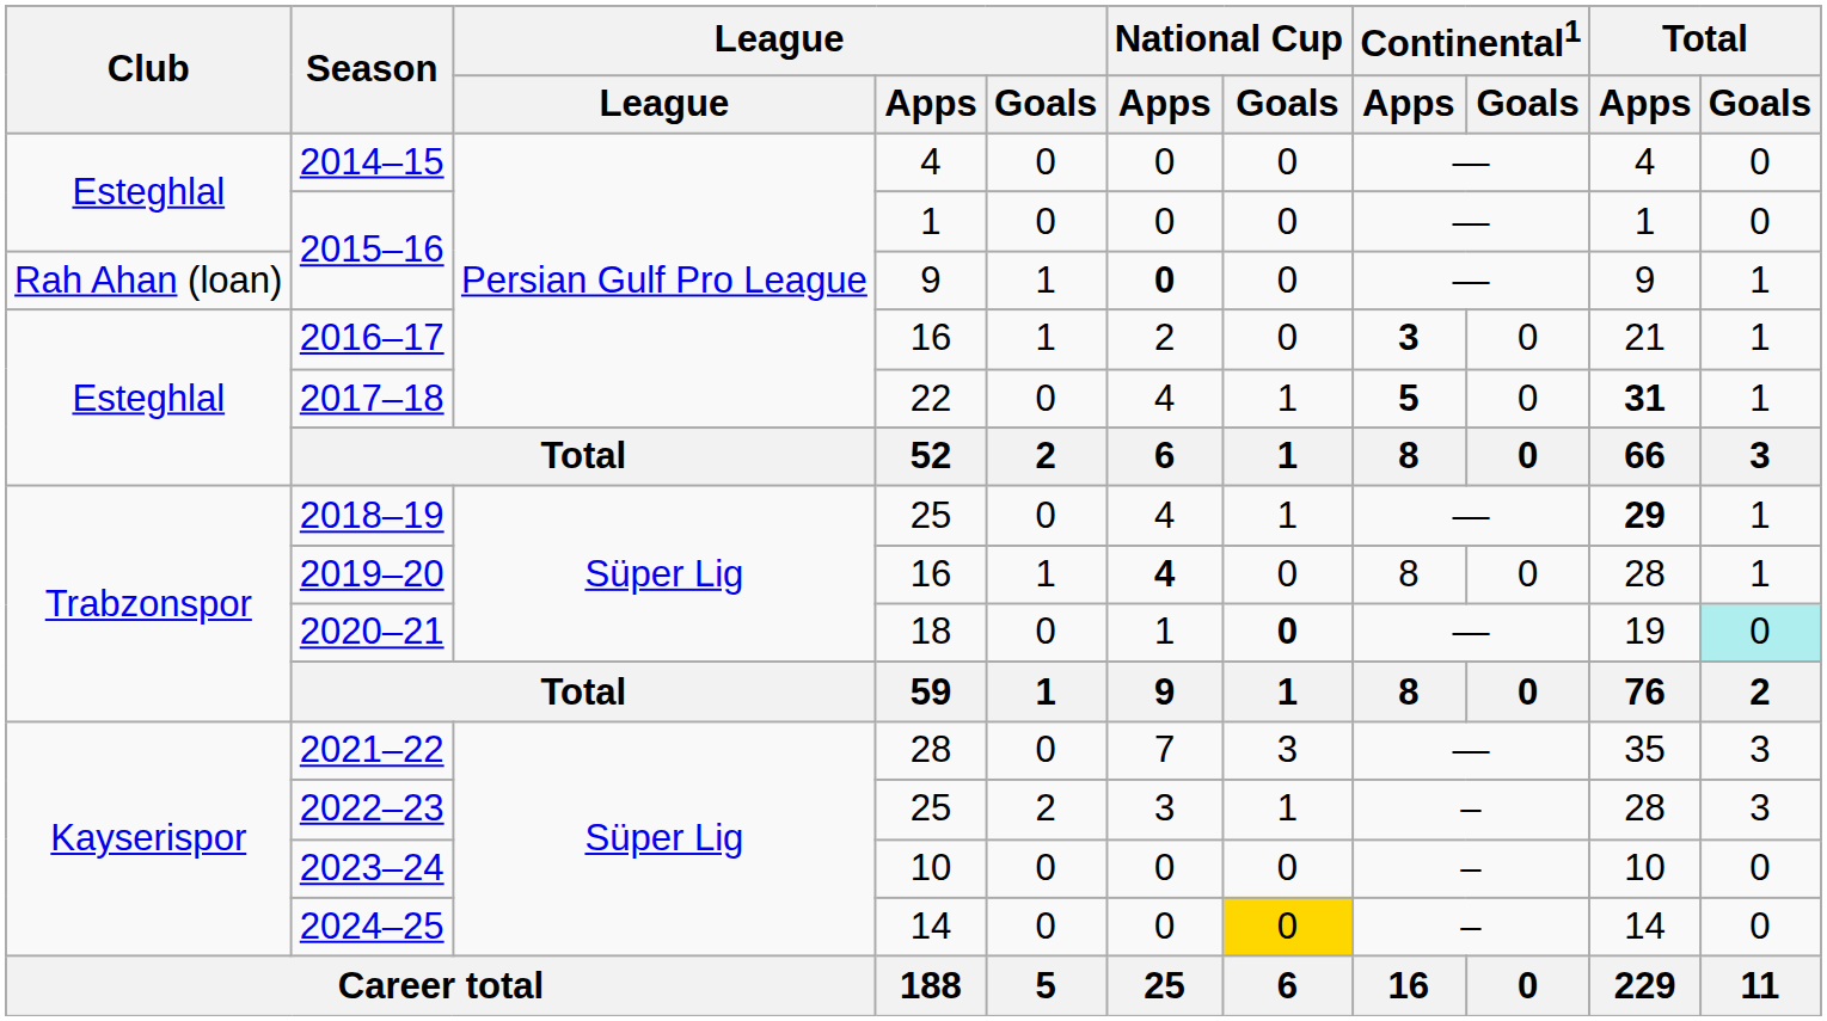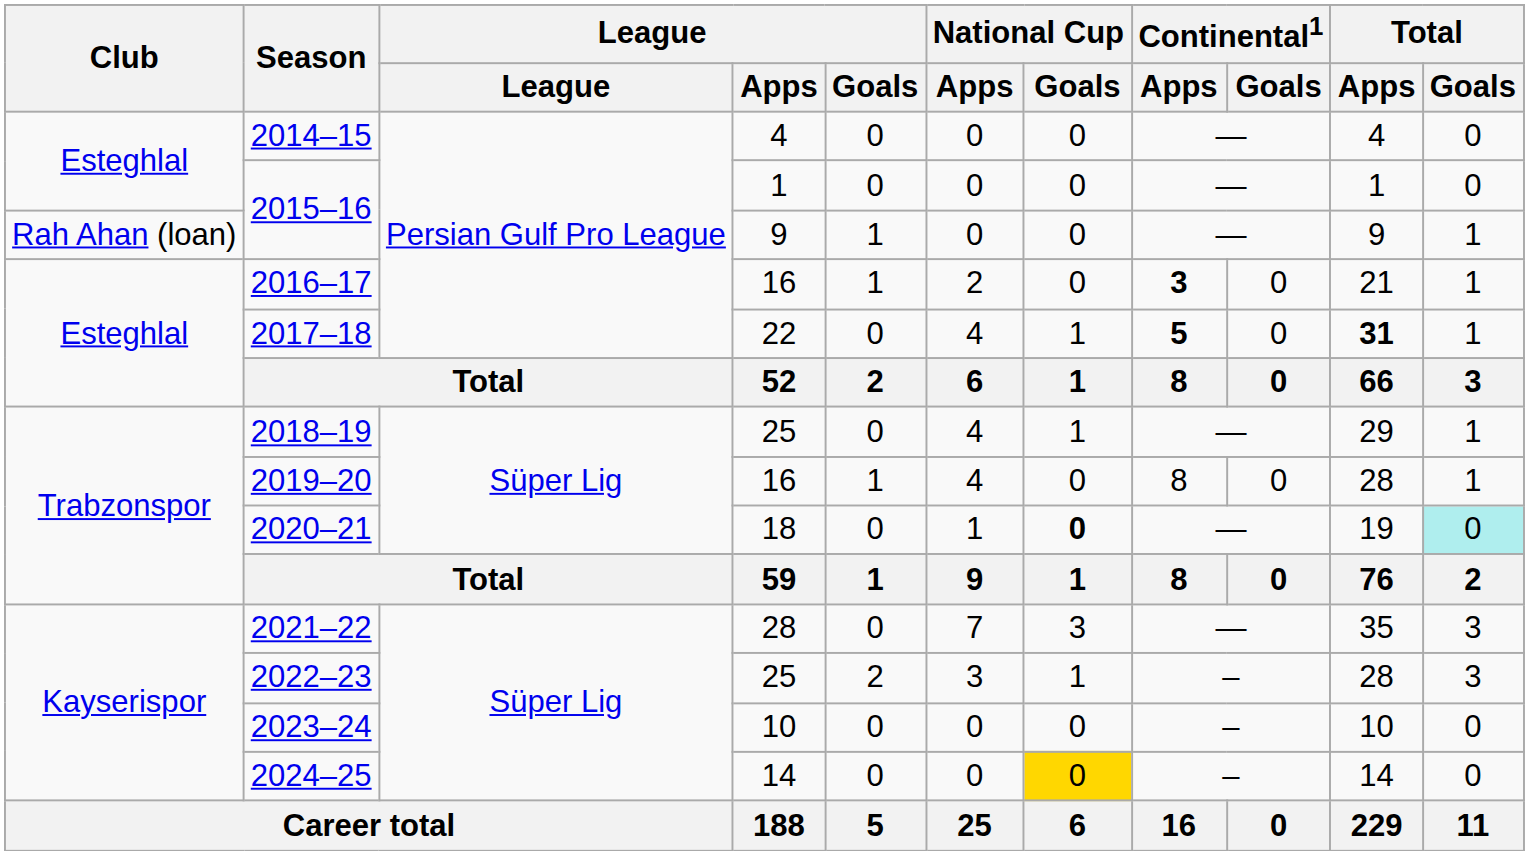 <table class="wikitable" style="text-align: center;">
 <tr>
 <th rowspan=2>Club</th>
 <th rowspan=2>Season</th>
 <th colspan=3>League</th>
 <th colspan="2">National Cup</th>
 <th colspan="2">Continental<sup>1</sup></th>
 <th colspan=2>Total</th>
 </tr>
 <tr>
 <th>League</th>
 <th>Apps</th>
 <th>Goals</th>
 <th>Apps</th>
 <th>Goals</th>
 <th>Apps</th>
 <th>Goals</th>
 <th>Apps</th>
 <th>Goals</th>
 </tr>
 <tr>
 <td rowspan="2"><a href='#'>Esteghlal</a></td>
 <td><a href='#'>2014–15</a></td>
 <td rowspan="5"><a href='#'>Persian Gulf Pro League</a></td>
 <td>4</td>
 <td>0</td>
 <td>0</td>
 <td>0</td>
 <td colspan="2">—</td>
 <td>4</td>
 <td>0</td>
 </tr>
 <tr>
 <td rowspan="2"><a href='#'>2015–16</a></td>
 <td>1</td>
 <td>0</td>
 <td>0</td>
 <td>0</td>
 <td colspan="2">—</td>
 <td>1</td>
 <td>0</td>
 </tr>
 <tr>
 <td><a href='#'>Rah Ahan</a> (loan)</td>
 <td>9</td>
 <td>1</td>
-<td><strong>0</strong></td>
+<td>0</td>
 <td>0</td>
 <td colspan="2">—</td>
 <td>9</td>
 <td>1</td>
 </tr>
 <tr>
 <td rowspan="3"><a href='#'>Esteghlal</a></td>
 <td><a href='#'>2016–17</a></td>
 <td>16</td>
 <td>1</td>
 <td>2</td>
 <td>0</td>
 <td><strong>3</strong></td>
 <td>0</td>
 <td>21</td>
 <td>1</td>
 </tr>
 <tr>
 <td><a href='#'>2017–18</a></td>
 <td>22</td>
 <td>0</td>
 <td>4</td>
 <td>1</td>
 <td><strong>5</strong></td>
 <td>0</td>
 <td><strong>31</strong></td>
 <td>1</td>
 </tr>
 <tr>
 <th colspan=2>Total</th>
 <th>52</th>
 <th>2</th>
 <th>6</th>
 <th>1</th>
 <th>8</th>
 <th>0</th>
 <th>66</th>
 <th>3</th>
 </tr>
 <tr>
 <td rowspan="4"><a href='#'>Trabzonspor</a></td>
 <td><a href='#'>2018–19</a></td>
 <td rowspan="3"><a href='#'>Süper Lig</a></td>
 <td>25</td>
 <td>0</td>
 <td>4</td>
 <td>1</td>
 <td colspan="2">—</td>
-<td><strong>29</strong></td>
+<td>29</td>
 <td>1</td>
 </tr>
 <tr>
 <td><a href='#'>2019–20</a></td>
 <td>16</td>
 <td>1</td>
-<td><strong>4</strong></td>
+<td>4</td>
 <td>0</td>
 <td>8</td>
 <td>0</td>
 <td>28</td>
 <td>1</td>
 </tr>
 <tr>
 <td><a href='#'>2020–21</a></td>
 <td>18</td>
 <td>0</td>
 <td>1</td>
 <td><strong>0</strong></td>
 <td colspan="2">—</td>
 <td>19</td>
 <td style="background: paleturquoise;">0</td>
 </tr>
 <tr>
 <th colspan=2>Total</th>
 <th>59</th>
 <th>1</th>
 <th>9</th>
 <th>1</th>
 <th>8</th>
 <th>0</th>
 <th>76</th>
 <th>2</th>
 </tr>
 <tr>
 <td rowspan="4"><a href='#'>Kayserispor</a></td>
 <td><a href='#'>2021–22</a></td>
 <td rowspan="4"><a href='#'>Süper Lig</a></td>
 <td>28</td>
 <td>0</td>
 <td>7</td>
 <td>3</td>
 <td colspan="2">—</td>
 <td>35</td>
 <td>3</td>
 </tr>
 <tr>
 <td><a href='#'>2022–23</a></td>
 <td>25</td>
 <td>2</td>
 <td>3</td>
 <td>1</td>
 <td colspan="2">–</td>
 <td>28</td>
 <td>3</td>
 </tr>
 <tr>
 <td><a href='#'>2023–24</a></td>
 <td>10</td>
 <td>0</td>
 <td>0</td>
 <td>0</td>
 <td colspan="2">–</td>
 <td>10</td>
 <td>0</td>
 </tr>
 <tr>
 <td><a href='#'>2024–25</a></td>
 <td>14</td>
 <td>0</td>
 <td>0</td>
 <td style="background: gold;">0</td>
 <td colspan="2">–</td>
 <td>14</td>
 <td>0</td>
 </tr>
 <tr>
 <th colspan="3">Career total</th>
 <th>188</th>
 <th>5</th>
 <th>25</th>
 <th>6</th>
 <th>16</th>
 <th>0</th>
 <th>229</th>
 <th>11</th>
 </tr>
 </table>
